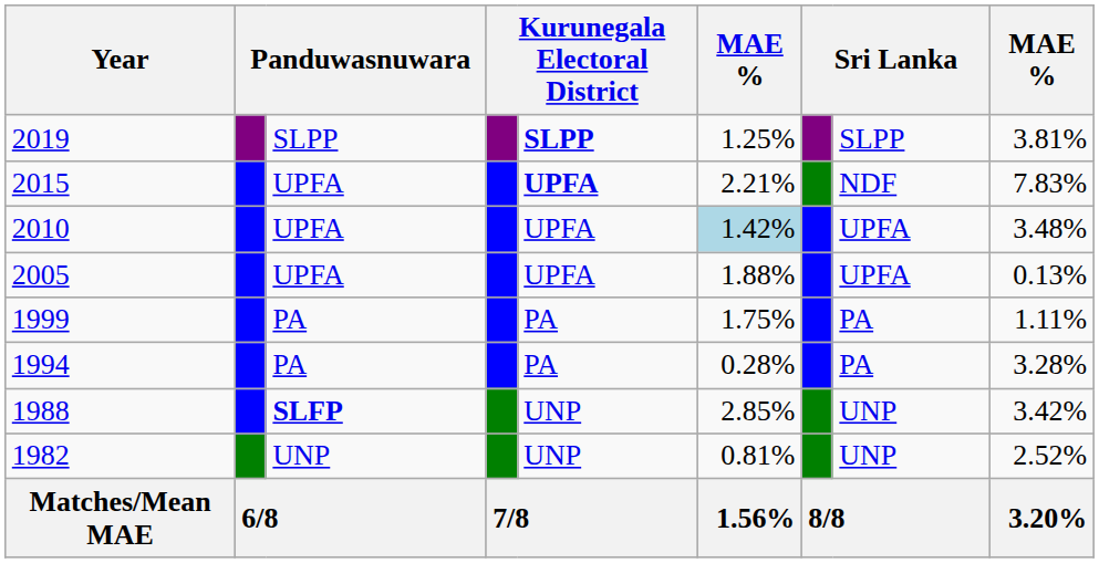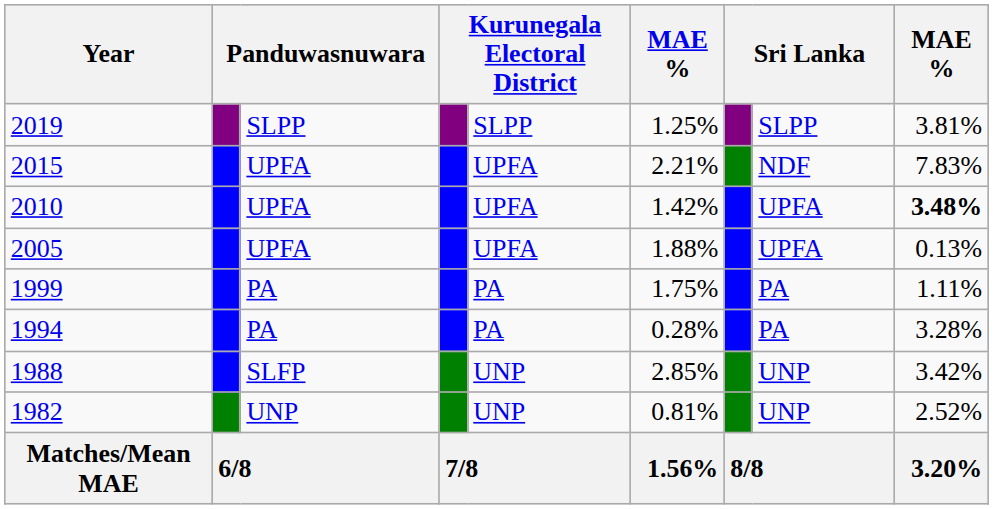 <table class="wikitable">
 <tr>
 <th>Year</th>
 <th colspan="2" width="144px">Panduwasnuwara</th>
 <th colspan="2" width="144px"><a href='#'>Kurunegala Electoral District</a></th>
 <th><a href='#'>MAE</a> %</th>
 <th colspan="2" width="144px">Sri Lanka</th>
 <th>MAE %</th>
 </tr>
 <tr>
 <td><a href='#'>2019</a></td>
 <td style="background-color:purple;" width="10px"></td>
 <td style="text-align:left;"><a href='#'>SLPP</a></td>
 <td style="background-color:purple;" width="10px"></td>
-<td style="text-align:left;"><strong><a href='#'>SLPP</a></strong></td>
+<td style="text-align:left;"><a href='#'>SLPP</a></td>
 <td style="text-align:right;">1.25%</td>
 <td style="background-color:purple;" width="10px"></td>
 <td style="text-align:left;"><a href='#'>SLPP</a></td>
 <td style="text-align:right;">3.81%</td>
 </tr>
 <tr>
 <td><a href='#'>2015</a></td>
 <td style="background-color:blue;" width="10px"></td>
 <td style="text-align:left;"><a href='#'>UPFA</a></td>
 <td style="background-color:blue;" width="10px"></td>
-<td style="text-align:left;"><strong><a href='#'>UPFA</a></strong></td>
+<td style="text-align:left;"><a href='#'>UPFA</a></td>
 <td style="text-align:right;">2.21%</td>
 <td style="background-color:green;" width="10px"></td>
 <td style="text-align:left;"><a href='#'>NDF</a></td>
 <td style="text-align:right;">7.83%</td>
 </tr>
 <tr>
 <td><a href='#'>2010</a></td>
 <td style="background-color:blue;" width="10px"></td>
 <td style="text-align:left;"><a href='#'>UPFA</a></td>
 <td style="background-color:blue;" width="10px"></td>
 <td style="text-align:left;"><a href='#'>UPFA</a></td>
-<td style="background: lightblue; text-align:right;">1.42%</td>
+<td style="text-align:right;">1.42%</td>
 <td style="background-color:blue;" width="10px"></td>
 <td style="text-align:left;"><a href='#'>UPFA</a></td>
-<td style="text-align:right;">3.48%</td>
+<td style="text-align:right;"><strong>3.48%</strong></td>
 </tr>
 <tr>
 <td><a href='#'>2005</a></td>
 <td style="background-color:blue;" width="10px"></td>
 <td style="text-align:left;"><a href='#'>UPFA</a></td>
 <td style="background-color:blue;" width="10px"></td>
 <td style="text-align:left;"><a href='#'>UPFA</a></td>
 <td style="text-align:right;">1.88%</td>
 <td style="background-color:blue;" width="10px"></td>
 <td style="text-align:left;"><a href='#'>UPFA</a></td>
 <td style="text-align:right;">0.13%</td>
 </tr>
 <tr>
 <td><a href='#'>1999</a></td>
 <td style="background-color:blue;" width="10px"></td>
 <td style="text-align:left;"><a href='#'>PA</a></td>
 <td style="background-color:blue;" width="10px"></td>
 <td style="text-align:left;"><a href='#'>PA</a></td>
 <td style="text-align:right;">1.75%</td>
 <td style="background-color:blue;" width="10px"></td>
 <td style="text-align:left;"><a href='#'>PA</a></td>
 <td style="text-align:right;">1.11%</td>
 </tr>
 <tr>
 <td><a href='#'>1994</a></td>
 <td style="background-color:blue;" width="10px"></td>
 <td style="text-align:left;"><a href='#'>PA</a></td>
 <td style="background-color:blue;" width="10px"></td>
 <td style="text-align:left;"><a href='#'>PA</a></td>
 <td style="text-align:right;">0.28%</td>
 <td style="background-color:blue;" width="10px"></td>
 <td style="text-align:left;"><a href='#'>PA</a></td>
 <td style="text-align:right;">3.28%</td>
 </tr>
 <tr>
 <td><a href='#'>1988</a></td>
 <td style="background-color:blue;" width="10px"></td>
-<td style="text-align:left;"><strong><a href='#'>SLFP</a></strong></td>
+<td style="text-align:left;"><a href='#'>SLFP</a></td>
 <td style="background-color:green;" width="10px"></td>
 <td style="text-align:left;"><a href='#'>UNP</a></td>
 <td style="text-align:right;">2.85%</td>
 <td style="background-color:green;" width="10px"></td>
 <td style="text-align:left;"><a href='#'>UNP</a></td>
 <td style="text-align:right;">3.42%</td>
 </tr>
 <tr>
 <td><a href='#'>1982</a></td>
 <td style="background-color:green;" width="10px"></td>
 <td style="text-align:left;"><a href='#'>UNP</a></td>
 <td style="background-color:green;" width="10px"></td>
 <td style="text-align:left;"><a href='#'>UNP</a></td>
 <td style="text-align:right;">0.81%</td>
 <td style="background-color:green;" width="10px"></td>
 <td style="text-align:left;"><a href='#'>UNP</a></td>
 <td style="text-align:right;">2.52%</td>
 </tr>
 <tr>
 <th>Matches/Mean MAE</th>
 <th style="text-align:left;"colspan="2" width="144px">6/8</th>
 <th style="text-align:left;"colspan="2" width="144px">7/8</th>
 <th style="text-align:right;">1.56%</th>
 <th style="text-align:left;"colspan="2" width="144px">8/8</th>
 <th style="text-align:right;">3.20%</th>
 </tr>
 </table>
